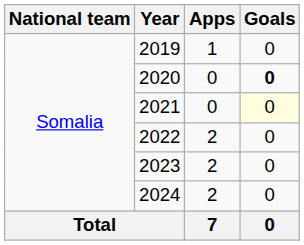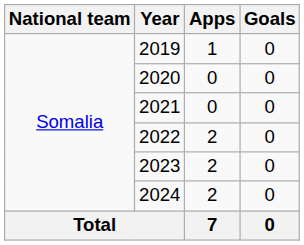 <table class="wikitable" style="text-align:center">
 <tr>
 <th>National team</th>
 <th>Year</th>
 <th>Apps</th>
 <th>Goals</th>
 </tr>
 <tr>
 <td rowspan="6"><a href='#'>Somalia</a></td>
 <td>2019</td>
 <td>1</td>
 <td>0</td>
 </tr>
 <tr>
 <td>2020</td>
 <td>0</td>
-<td><strong>0</strong></td>
+<td>0</td>
 </tr>
 <tr>
 <td>2021</td>
 <td>0</td>
-<td style="background: lightyellow;">0</td>
+<td>0</td>
 </tr>
 <tr>
 <td>2022</td>
 <td>2</td>
 <td>0</td>
 </tr>
 <tr>
 <td>2023</td>
 <td>2</td>
 <td>0</td>
 </tr>
 <tr>
 <td>2024</td>
 <td>2</td>
 <td>0</td>
 </tr>
 <tr>
 <th colspan="2">Total</th>
 <th>7</th>
 <th>0</th>
 </tr>
 </table>
